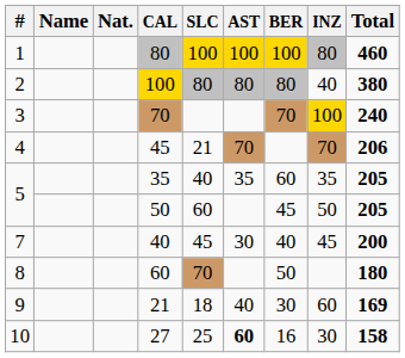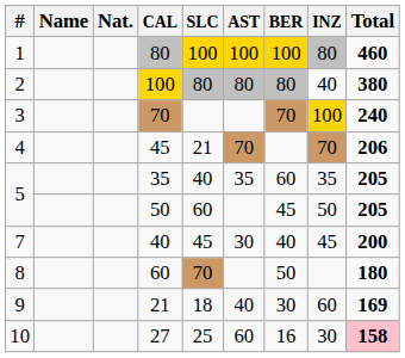 <table class="wikitable sortable" style="text-align:center;">
 <tr>
 <th>#</th>
 <th>Name</th>
 <th>Nat.</th>
 <th><small>CAL</small></th>
 <th><small>SLC</small></th>
 <th><small>AST</small></th>
 <th><small>BER</small></th>
 <th><small>INZ</small></th>
 <th>Total</th>
 </tr>
 <tr>
 <td>1</td>
 <td align=left></td>
 <td></td>
 <td bgcolor=silver>80</td>
 <td bgcolor=gold>100</td>
 <td bgcolor=gold>100</td>
 <td bgcolor=gold>100</td>
 <td bgcolor=silver>80</td>
 <td><strong>460</strong></td>
 </tr>
 <tr>
 <td>2</td>
 <td align=left></td>
 <td></td>
 <td bgcolor=gold>100</td>
 <td bgcolor=silver>80</td>
 <td bgcolor=silver>80</td>
 <td bgcolor=silver>80</td>
 <td>40</td>
 <td><strong>380</strong></td>
 </tr>
 <tr>
 <td>3</td>
 <td align=left></td>
 <td></td>
 <td bgcolor=cc9966>70</td>
 <td></td>
 <td></td>
 <td bgcolor=cc9966>70</td>
 <td bgcolor=gold>100</td>
 <td><strong>240</strong></td>
 </tr>
 <tr>
 <td>4</td>
 <td align=left></td>
 <td></td>
 <td>45</td>
 <td>21</td>
 <td bgcolor=cc9966>70</td>
 <td></td>
 <td bgcolor=cc9966>70</td>
 <td><strong>206</strong></td>
 </tr>
 <tr>
 <td rowspan=2>5</td>
 <td align=left></td>
 <td></td>
 <td>35</td>
 <td>40</td>
 <td>35</td>
 <td>60</td>
 <td>35</td>
 <td><strong>205</strong></td>
 </tr>
 <tr>
 <td align=left></td>
 <td></td>
 <td>50</td>
 <td>60</td>
 <td></td>
 <td>45</td>
 <td>50</td>
 <td><strong>205</strong></td>
 </tr>
 <tr>
 <td>7</td>
 <td align=left></td>
 <td></td>
 <td>40</td>
 <td>45</td>
 <td>30</td>
 <td>40</td>
 <td>45</td>
 <td><strong>200</strong></td>
 </tr>
 <tr>
 <td>8</td>
 <td align=left></td>
 <td></td>
 <td>60</td>
 <td bgcolor=cc9966>70</td>
 <td></td>
 <td>50</td>
 <td></td>
 <td><strong>180</strong></td>
 </tr>
 <tr>
 <td>9</td>
 <td align=left></td>
 <td></td>
 <td>21</td>
 <td>18</td>
 <td>40</td>
 <td>30</td>
 <td>60</td>
 <td><strong>169</strong></td>
 </tr>
 <tr>
 <td>10</td>
 <td align=left></td>
 <td></td>
 <td>27</td>
 <td>25</td>
-<td><strong>60</strong></td>
+<td>60</td>
 <td>16</td>
 <td>30</td>
-<td><strong>158</strong></td>
+<td style="background: pink;"><strong>158</strong></td>
 </tr>
 </table>
